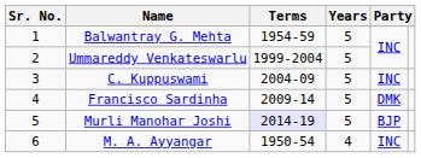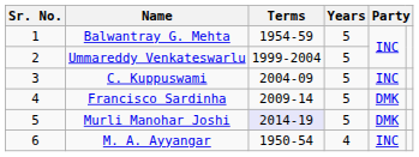 <table class="wikitable sortable">
 <tr>
 <th>Sr. No.</th>
 <th>Name</th>
 <th>Terms</th>
 <th>Years</th>
 <th colspan="2">Party</th>
 </tr>
 <tr align="center">
 <td>1</td>
 <td><a href='#'>Balwantray G. Mehta</a></td>
 <td>1954-59</td>
 <td>5</td>
 <td rowspan="2"><a href='#'>INC</a></td>
 <td rowspan="2" width="px"></td>
 </tr>
 <tr align="center">
 <td>2</td>
 <td><a href='#'>Ummareddy Venkateswarlu</a></td>
 <td>1999-2004</td>
 <td>5</td>
 </tr>
 <tr align="center">
 <td>3</td>
 <td><a href='#'>C. Kuppuswami</a></td>
 <td>2004-09</td>
 <td>5</td>
 <td rowspan="1"><a href='#'>INC</a></td>
 <td></td>
 </tr>
 <tr align="center">
 <td>4</td>
 <td><a href='#'>Francisco Sardinha</a></td>
 <td>2009-14</td>
 <td>5</td>
 <td rowspan="1"><a href='#'>DMK</a></td>
 <td></td>
 </tr>
 <tr align="center">
 <td>5</td>
 <td><a href='#'>Murli Manohar Joshi</a></td>
 <td style="background: lavender;">2014-19</td>
 <td>5</td>
-<td><a href='#'>BJP</a></td>
+<td rowspan="1"><a href='#'>DMK</a></td>
 <td></td>
 </tr>
 <tr align="center">
 <td>6</td>
 <td><a href='#'>M. A. Ayyangar</a></td>
 <td>1950-54</td>
 <td>4</td>
 <td rowspan="1"><a href='#'>INC</a></td>
 <td></td>
 </tr>
 </table>
